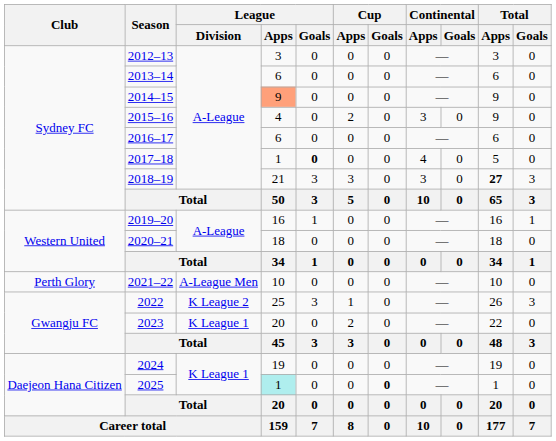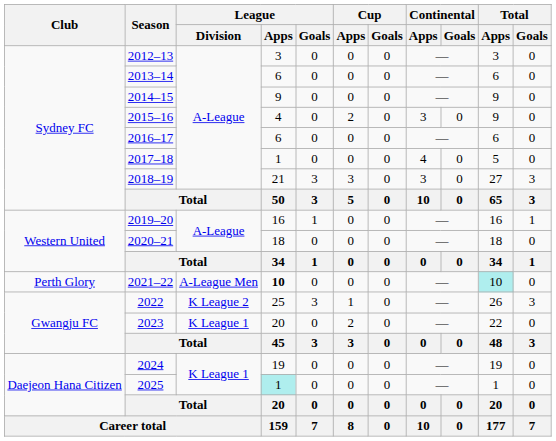 <table class="wikitable" style="text-align:center;">
 <tr>
 <th rowspan="2">Club</th>
 <th rowspan="2">Season</th>
 <th colspan="3">League</th>
 <th colspan="2">Cup</th>
 <th colspan="2">Continental</th>
 <th colspan="2">Total</th>
 </tr>
 <tr>
 <th>Division</th>
 <th>Apps</th>
 <th>Goals</th>
 <th>Apps</th>
 <th>Goals</th>
 <th>Apps</th>
 <th>Goals</th>
 <th>Apps</th>
 <th>Goals</th>
 </tr>
 <tr>
 <td rowspan="8" style="centre"><a href='#'>Sydney FC</a></td>
 <td><a href='#'>2012–13</a></td>
 <td rowspan=7><a href='#'>A-League</a></td>
 <td>3</td>
 <td>0</td>
 <td>0</td>
 <td>0</td>
 <td colspan="2">—</td>
 <td>3</td>
 <td>0</td>
 </tr>
 <tr>
 <td><a href='#'>2013–14</a></td>
 <td>6</td>
 <td>0</td>
 <td>0</td>
 <td>0</td>
 <td colspan="2">—</td>
 <td>6</td>
 <td>0</td>
 </tr>
 <tr>
 <td><a href='#'>2014–15</a></td>
-<td style="background: lightsalmon;">9</td>
+<td>9</td>
 <td>0</td>
 <td>0</td>
 <td>0</td>
 <td colspan="2">—</td>
 <td>9</td>
 <td>0</td>
 </tr>
 <tr>
 <td><a href='#'>2015–16</a></td>
 <td>4</td>
 <td>0</td>
 <td>2</td>
 <td>0</td>
 <td>3</td>
 <td>0</td>
 <td>9</td>
 <td>0</td>
 </tr>
 <tr>
 <td><a href='#'>2016–17</a></td>
 <td>6</td>
 <td>0</td>
 <td>0</td>
 <td>0</td>
 <td colspan="2">—</td>
 <td>6</td>
 <td>0</td>
 </tr>
 <tr>
 <td><a href='#'>2017–18</a></td>
 <td>1</td>
-<td><strong>0</strong></td>
+<td>0</td>
 <td>0</td>
 <td>0</td>
 <td>4</td>
 <td>0</td>
 <td>5</td>
 <td>0</td>
 </tr>
 <tr>
 <td><a href='#'>2018–19</a></td>
 <td>21</td>
 <td>3</td>
 <td>3</td>
 <td>0</td>
 <td>3</td>
 <td>0</td>
-<td><strong>27</strong></td>
+<td>27</td>
 <td>3</td>
 </tr>
 <tr>
 <th colspan=2>Total</th>
 <th>50</th>
 <th>3</th>
 <th>5</th>
 <th>0</th>
 <th>10</th>
 <th>0</th>
 <th>65</th>
 <th>3</th>
 </tr>
 <tr>
 <td rowspan=3><a href='#'>Western United</a></td>
 <td><a href='#'>2019–20</a></td>
 <td rowspan=2><a href='#'>A-League</a></td>
 <td>16</td>
 <td>1</td>
 <td>0</td>
 <td>0</td>
 <td colspan="2">—</td>
 <td>16</td>
 <td>1</td>
 </tr>
 <tr>
 <td><a href='#'>2020–21</a></td>
 <td>18</td>
 <td>0</td>
 <td>0</td>
 <td>0</td>
 <td colspan="2">—</td>
 <td>18</td>
 <td>0</td>
 </tr>
 <tr>
 <th colspan=2>Total</th>
 <th>34</th>
 <th>1</th>
 <th>0</th>
 <th>0</th>
 <th>0</th>
 <th>0</th>
 <th>34</th>
 <th>1</th>
 </tr>
 <tr>
 <td rowspan=1><a href='#'>Perth Glory</a></td>
 <td><a href='#'>2021–22</a></td>
 <td><a href='#'>A-League Men</a></td>
-<td>10</td>
+<td><strong>10</strong></td>
 <td>0</td>
 <td>0</td>
 <td>0</td>
 <td colspan="2">—</td>
-<td>10</td>
+<td style="background: paleturquoise;">10</td>
 <td>0</td>
 </tr>
 <tr>
 <td rowspan=3><a href='#'>Gwangju FC</a></td>
 <td><a href='#'>2022</a></td>
 <td><a href='#'>K League 2</a></td>
 <td>25</td>
 <td>3</td>
 <td>1</td>
 <td>0</td>
 <td colspan="2">—</td>
 <td>26</td>
 <td>3</td>
 </tr>
 <tr>
 <td><a href='#'>2023</a></td>
 <td><a href='#'>K League 1</a></td>
 <td>20</td>
 <td>0</td>
 <td>2</td>
 <td>0</td>
 <td colspan="2">—</td>
 <td>22</td>
 <td>0</td>
 </tr>
 <tr>
 <th colspan=2>Total</th>
 <th>45</th>
 <th>3</th>
 <th>3</th>
 <th>0</th>
 <th>0</th>
 <th>0</th>
 <th>48</th>
 <th>3</th>
 </tr>
 <tr>
 <td rowspan=3><a href='#'>Daejeon Hana Citizen</a></td>
 <td><a href='#'>2024</a></td>
 <td rowspan=2><a href='#'>K League 1</a></td>
 <td>19</td>
 <td>0</td>
 <td>0</td>
 <td>0</td>
 <td colspan=2>—</td>
 <td>19</td>
 <td>0</td>
 </tr>
 <tr>
 <td><a href='#'>2025</a></td>
 <td style="background: paleturquoise;">1</td>
 <td>0</td>
 <td>0</td>
-<td><strong>0</strong></td>
+<td>0</td>
 <td colspan=2>—</td>
 <td>1</td>
 <td>0</td>
 </tr>
 <tr>
 <th colspan=2>Total</th>
 <th>20</th>
 <th>0</th>
 <th>0</th>
 <th>0</th>
 <th>0</th>
 <th>0</th>
 <th>20</th>
 <th>0</th>
 </tr>
 <tr>
 <th colspan=3>Career total</th>
 <th>159</th>
 <th>7</th>
 <th>8</th>
 <th>0</th>
 <th>10</th>
 <th>0</th>
 <th>177</th>
 <th>7</th>
 </tr>
 </table>
